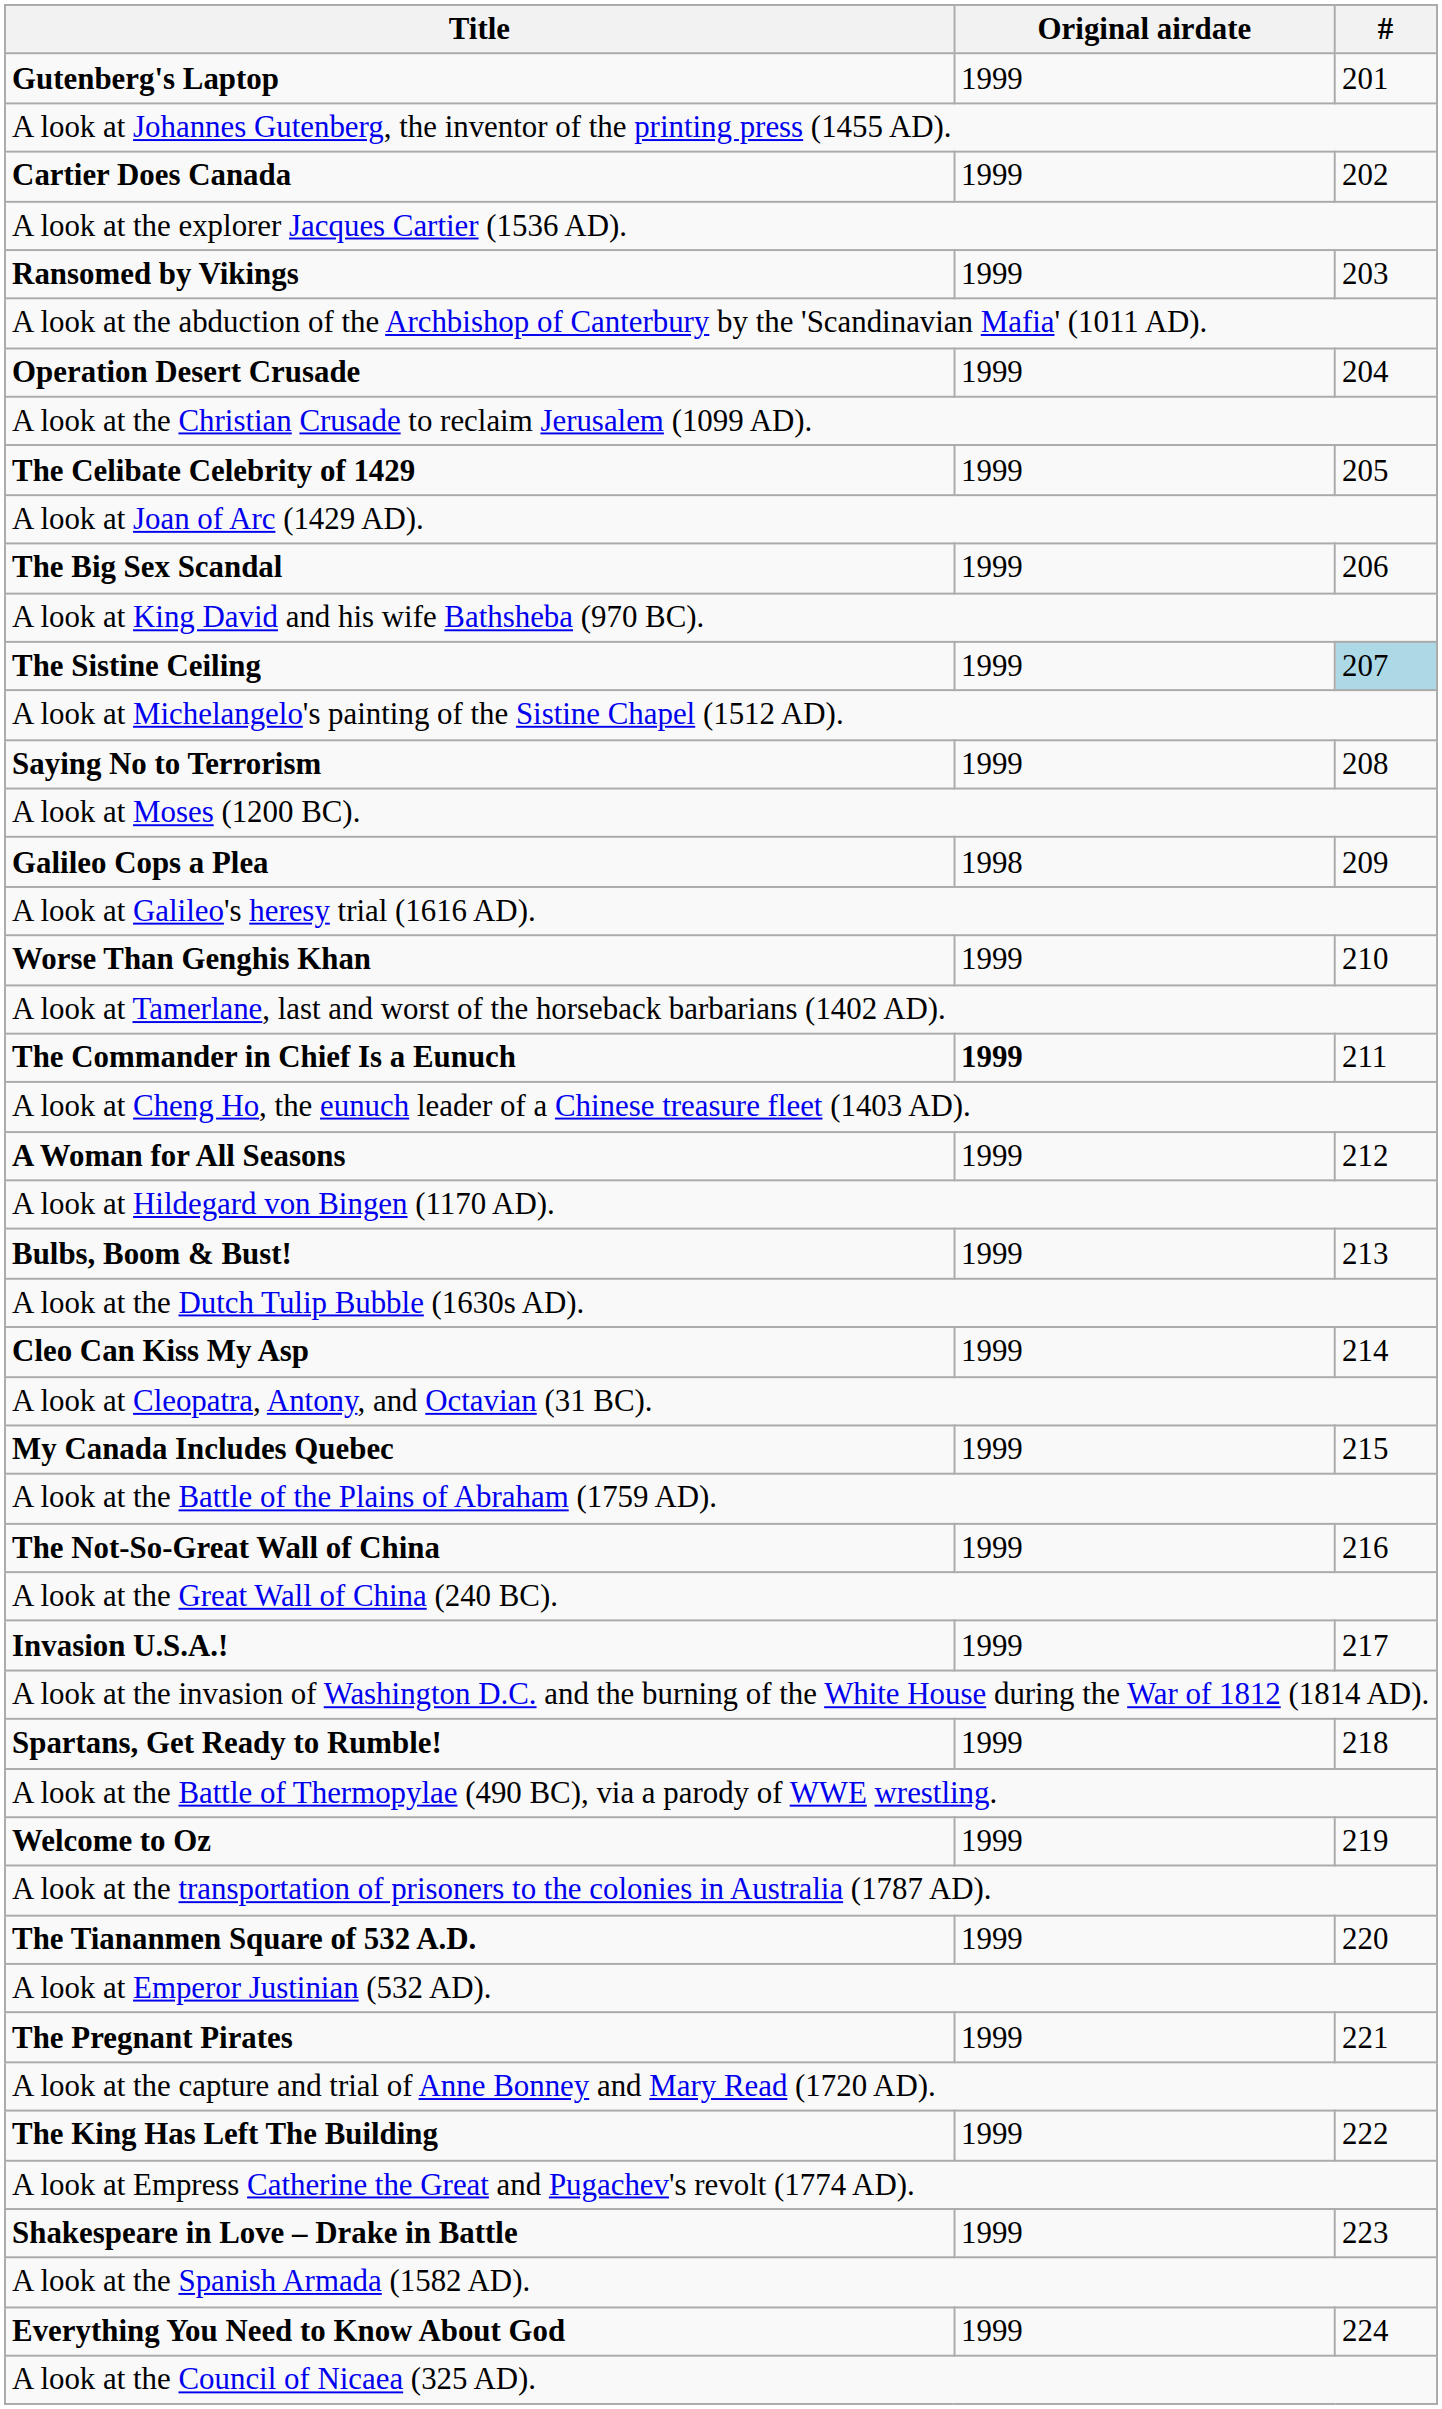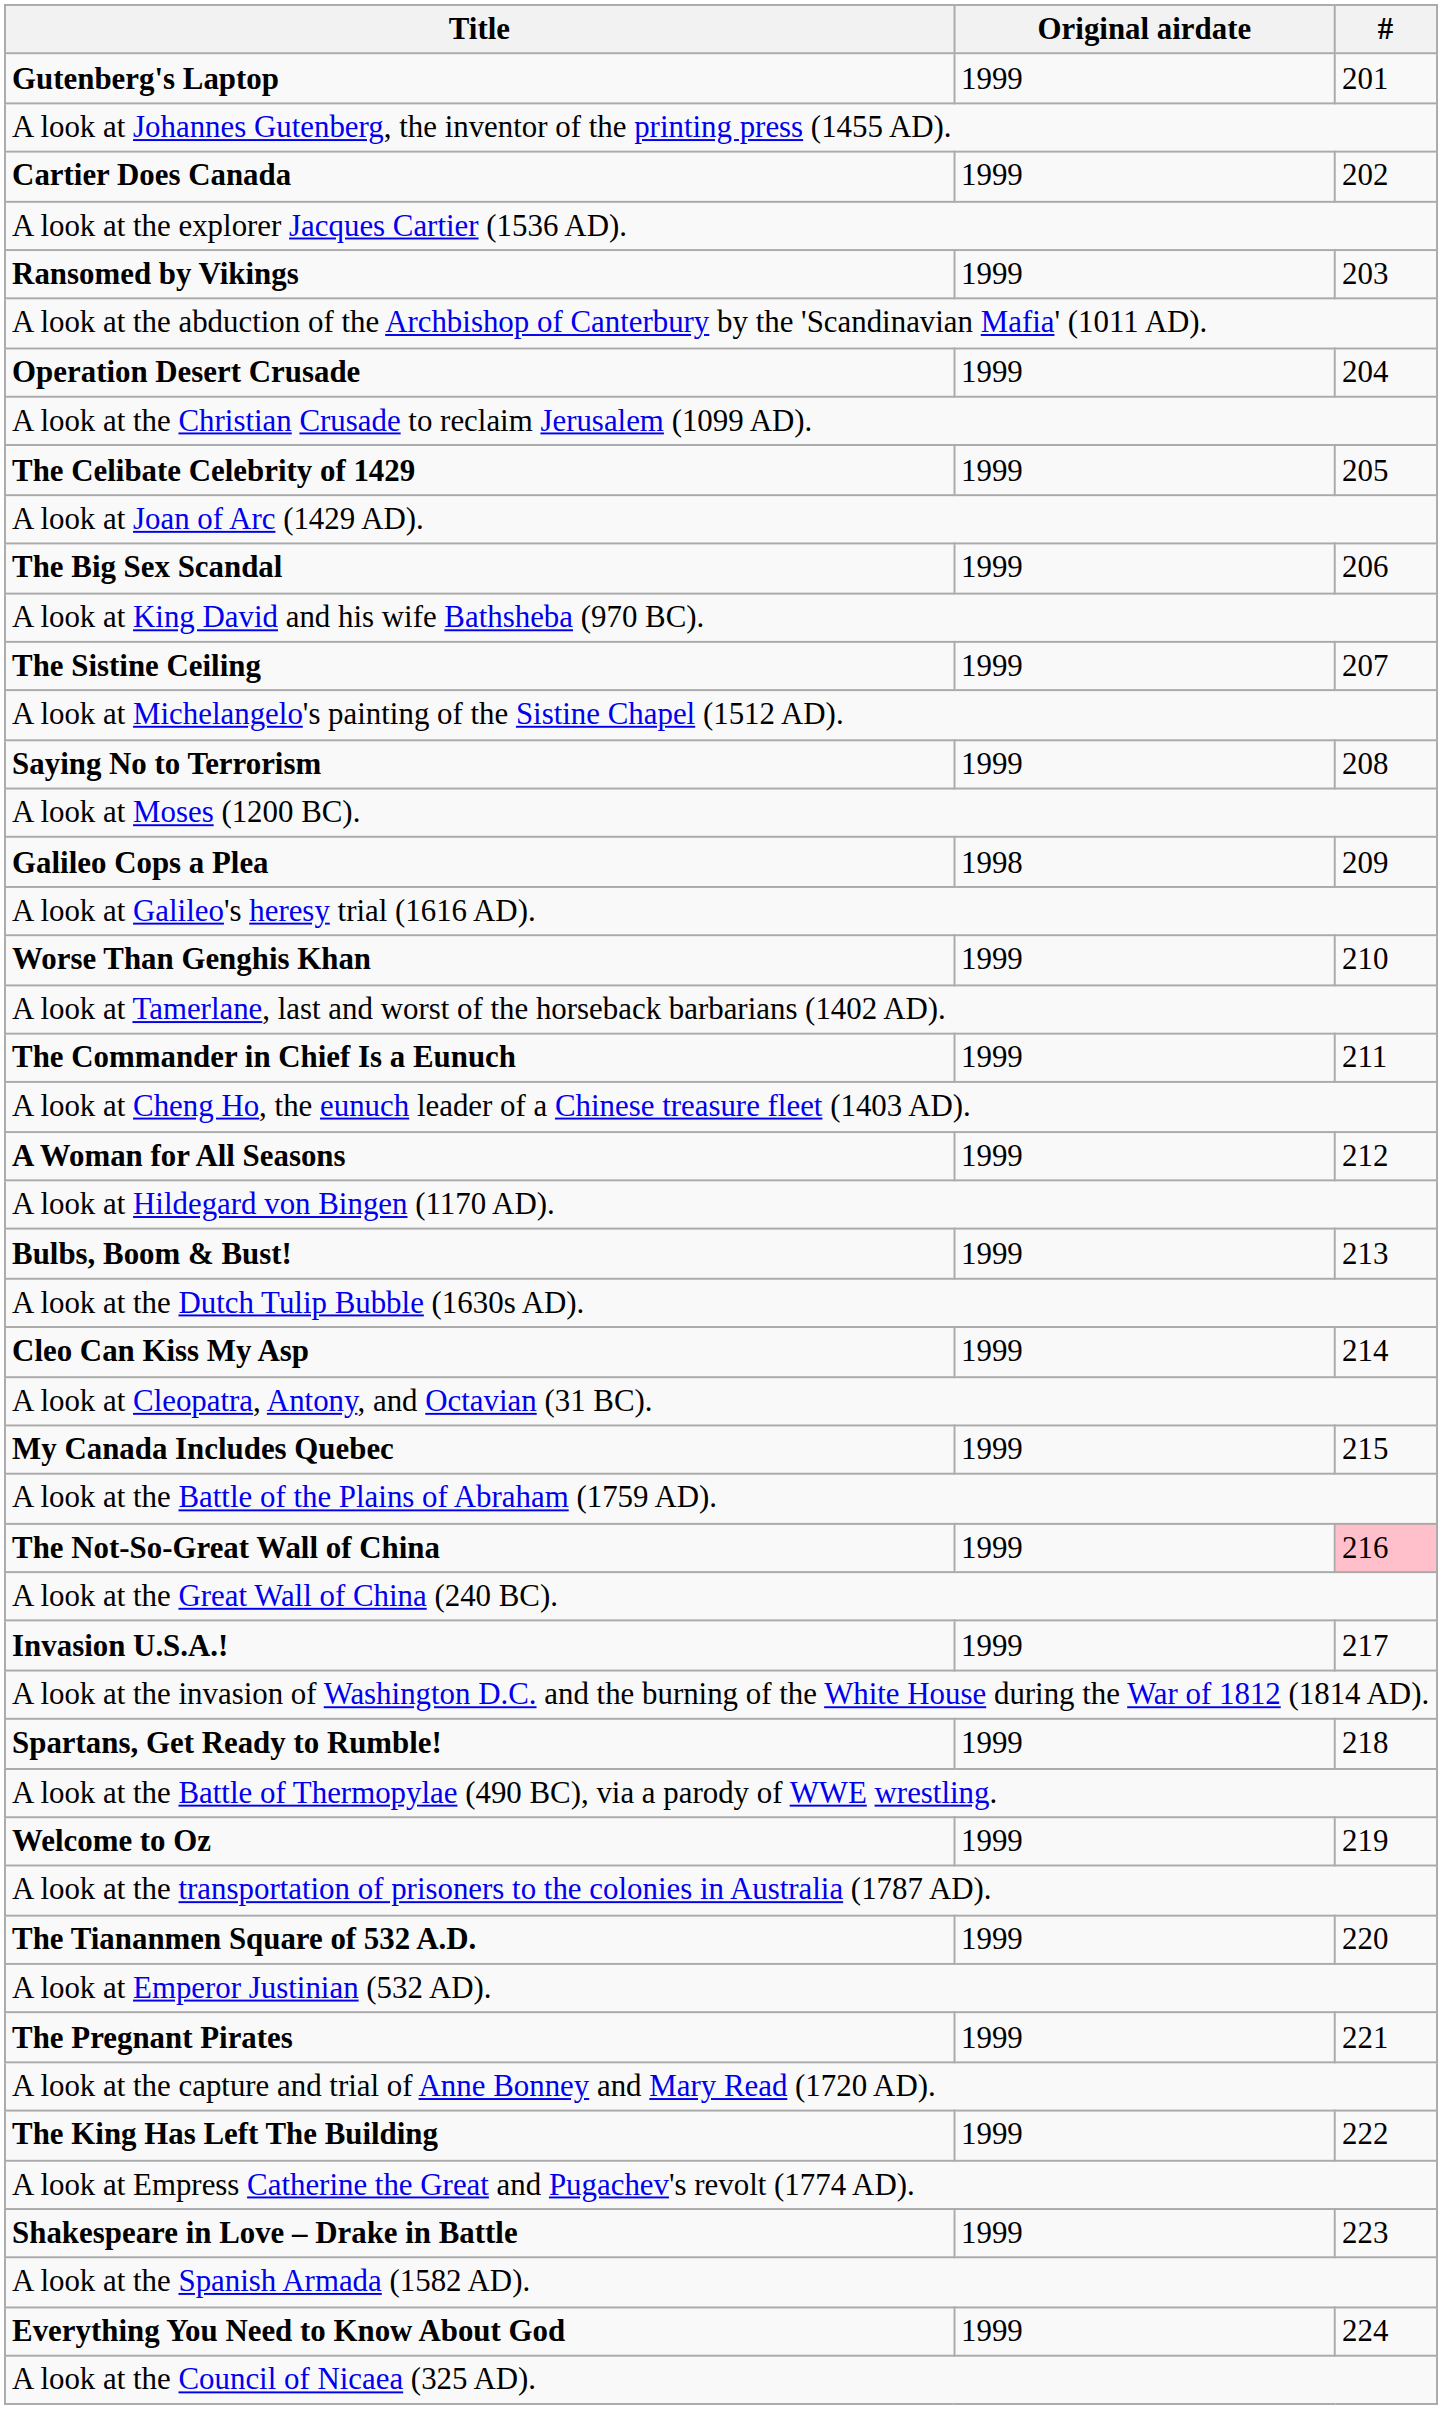 <table class="wikitable">
 <tr>
 <th>Title</th>
 <th>Original airdate</th>
 <th>#</th>
 </tr>
 <tr>
 <td><strong>Gutenberg's Laptop</strong></td>
 <td>1999</td>
 <td>201</td>
 </tr>
 <tr>
 <td colspan="6">A look at <a href='#'>Johannes Gutenberg</a>, the inventor of the <a href='#'>printing press</a> (1455 AD).</td>
 </tr>
 <tr>
 <td><strong>Cartier Does Canada</strong></td>
 <td>1999</td>
 <td>202</td>
 </tr>
 <tr>
 <td colspan="6">A look at the explorer <a href='#'>Jacques Cartier</a> (1536 AD).</td>
 </tr>
 <tr>
 <td><strong>Ransomed by Vikings</strong></td>
 <td>1999</td>
 <td>203</td>
 </tr>
 <tr>
 <td colspan="6">A look at the abduction of the <a href='#'>Archbishop of Canterbury</a> by the 'Scandinavian <a href='#'>Mafia</a>' (1011 AD).</td>
 </tr>
 <tr>
 <td><strong>Operation Desert Crusade</strong></td>
 <td>1999</td>
 <td>204</td>
 </tr>
 <tr>
 <td colspan="6">A look at the <a href='#'>Christian</a> <a href='#'>Crusade</a> to reclaim <a href='#'>Jerusalem</a> (1099 AD).</td>
 </tr>
 <tr>
 <td><strong>The Celibate Celebrity of 1429</strong></td>
 <td>1999</td>
 <td>205</td>
 </tr>
 <tr>
 <td colspan="6">A look at <a href='#'>Joan of Arc</a> (1429 AD).</td>
 </tr>
 <tr>
 <td><strong>The Big Sex Scandal</strong></td>
 <td>1999</td>
 <td>206</td>
 </tr>
 <tr>
 <td colspan="6">A look at <a href='#'>King David</a> and his wife <a href='#'>Bathsheba</a> (970 BC).</td>
 </tr>
 <tr>
 <td><strong>The Sistine Ceiling</strong></td>
 <td>1999</td>
-<td style="background: lightblue;">207</td>
+<td>207</td>
 </tr>
 <tr>
 <td colspan="6">A look at <a href='#'>Michelangelo</a>'s painting of the <a href='#'>Sistine Chapel</a> (1512 AD).</td>
 </tr>
 <tr>
 <td><strong>Saying No to Terrorism</strong></td>
 <td>1999</td>
 <td>208</td>
 </tr>
 <tr>
 <td colspan="6">A look at <a href='#'>Moses</a> (1200 BC).</td>
 </tr>
 <tr>
 <td><strong>Galileo Cops a Plea</strong></td>
 <td>1998</td>
 <td>209</td>
 </tr>
 <tr>
 <td colspan="6">A look at <a href='#'>Galileo</a>'s <a href='#'>heresy</a> trial (1616 AD).</td>
 </tr>
 <tr>
 <td><strong>Worse Than Genghis Khan</strong></td>
 <td>1999</td>
 <td>210</td>
 </tr>
 <tr>
 <td colspan="6">A look at <a href='#'>Tamerlane</a>, last and worst of the horseback barbarians (1402 AD).</td>
 </tr>
 <tr>
 <td><strong>The Commander in Chief Is a Eunuch</strong></td>
-<td><strong>1999</strong></td>
+<td>1999</td>
 <td>211</td>
 </tr>
 <tr>
 <td colspan="6">A look at <a href='#'>Cheng Ho</a>, the <a href='#'>eunuch</a> leader of a <a href='#'>Chinese treasure fleet</a> (1403 AD).</td>
 </tr>
 <tr>
 <td><strong>A Woman for All Seasons</strong></td>
 <td>1999</td>
 <td>212</td>
 </tr>
 <tr>
 <td colspan="6">A look at <a href='#'>Hildegard von Bingen</a> (1170 AD).</td>
 </tr>
 <tr>
 <td><strong>Bulbs, Boom & Bust!</strong></td>
 <td>1999</td>
 <td>213</td>
 </tr>
 <tr>
 <td colspan="6">A look at the <a href='#'>Dutch Tulip Bubble</a> (1630s AD).</td>
 </tr>
 <tr>
 <td><strong>Cleo Can Kiss My Asp</strong></td>
 <td>1999</td>
 <td>214</td>
 </tr>
 <tr>
 <td colspan="6">A look at <a href='#'>Cleopatra</a>, <a href='#'>Antony</a>, and <a href='#'>Octavian</a> (31 BC).</td>
 </tr>
 <tr>
 <td><strong>My Canada Includes Quebec</strong></td>
 <td>1999</td>
 <td>215</td>
 </tr>
 <tr>
 <td colspan="6">A look at the <a href='#'>Battle of the Plains of Abraham</a> (1759 AD).</td>
 </tr>
 <tr>
 <td><strong>The Not-So-Great Wall of China</strong></td>
 <td>1999</td>
-<td>216</td>
+<td style="background: pink;">216</td>
 </tr>
 <tr>
 <td colspan="6">A look at the <a href='#'>Great Wall of China</a> (240 BC).</td>
 </tr>
 <tr>
 <td><strong>Invasion U.S.A.!</strong></td>
 <td>1999</td>
 <td>217</td>
 </tr>
 <tr>
 <td colspan="6">A look at the invasion of <a href='#'>Washington D.C.</a> and the burning of the <a href='#'>White House</a> during the <a href='#'>War of 1812</a> (1814 AD).</td>
 </tr>
 <tr>
 <td><strong>Spartans, Get Ready to Rumble!</strong></td>
 <td>1999</td>
 <td>218</td>
 </tr>
 <tr>
 <td colspan="6">A look at the <a href='#'>Battle of Thermopylae</a> (490 BC), via a parody of <a href='#'>WWE</a> <a href='#'>wrestling</a>.</td>
 </tr>
 <tr>
 <td><strong>Welcome to Oz</strong></td>
 <td>1999</td>
 <td>219</td>
 </tr>
 <tr>
 <td colspan="6">A look at the <a href='#'>transportation of prisoners to the colonies in Australia</a> (1787 AD).</td>
 </tr>
 <tr>
 <td><strong>The Tiananmen Square of 532 A.D.</strong></td>
 <td>1999</td>
 <td>220</td>
 </tr>
 <tr>
 <td colspan="6">A look at <a href='#'>Emperor Justinian</a> (532 AD).</td>
 </tr>
 <tr>
 <td><strong>The Pregnant Pirates</strong></td>
 <td>1999</td>
 <td>221</td>
 </tr>
 <tr>
 <td colspan="6">A look at the capture and trial of <a href='#'>Anne Bonney</a> and <a href='#'>Mary Read</a> (1720 AD).</td>
 </tr>
 <tr>
 <td><strong>The King Has Left The Building</strong></td>
 <td>1999</td>
 <td>222</td>
 </tr>
 <tr>
 <td colspan="6">A look at Empress <a href='#'>Catherine the Great</a> and <a href='#'>Pugachev</a>'s revolt (1774 AD).</td>
 </tr>
 <tr>
 <td><strong>Shakespeare in Love – Drake in Battle</strong></td>
 <td>1999</td>
 <td>223</td>
 </tr>
 <tr>
 <td colspan="6">A look at the <a href='#'>Spanish Armada</a> (1582 AD).</td>
 </tr>
 <tr>
 <td><strong>Everything You Need to Know About God</strong></td>
 <td>1999</td>
 <td>224</td>
 </tr>
 <tr>
 <td colspan="6">A look at the <a href='#'>Council of Nicaea</a> (325 AD).</td>
 </tr>
 </table>
